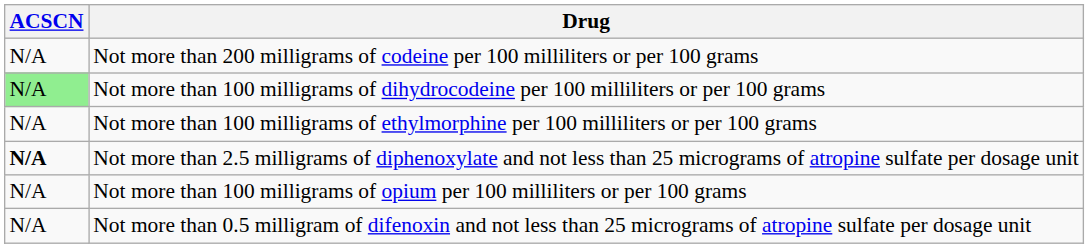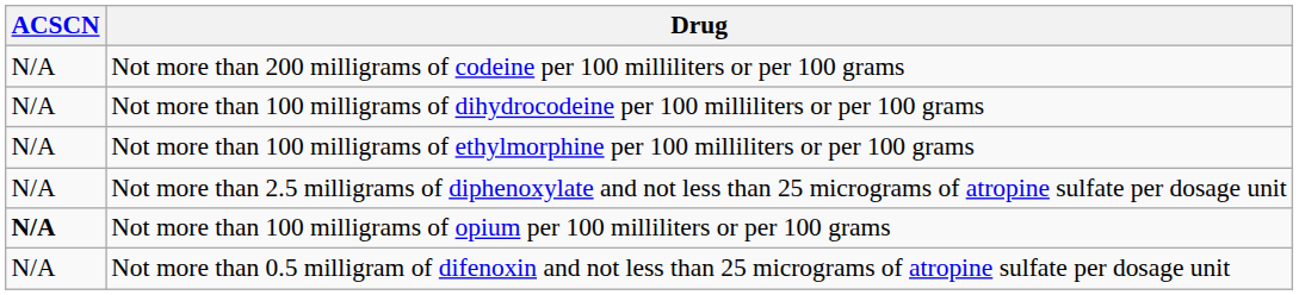 <table class="wikitable sortable">
 <tr>
 <th><a href='#'>ACSCN</a></th>
 <th>Drug</th>
 </tr>
 <tr>
 <td>N/A</td>
 <td>Not more than 200 milligrams of <a href='#'>codeine</a> per 100 milliliters or per 100 grams</td>
 </tr>
 <tr>
-<td style="background: lightgreen;">N/A</td>
+<td>N/A</td>
 <td>Not more than 100 milligrams of <a href='#'>dihydrocodeine</a> per 100 milliliters or per 100 grams</td>
 </tr>
 <tr>
 <td>N/A</td>
 <td>Not more than 100 milligrams of <a href='#'>ethylmorphine</a> per 100 milliliters or per 100 grams</td>
 </tr>
 <tr>
-<td><strong>N/A</strong></td>
+<td>N/A</td>
 <td>Not more than 2.5 milligrams of <a href='#'>diphenoxylate</a> and not less than 25 micrograms of <a href='#'>atropine</a> sulfate per dosage unit</td>
 </tr>
 <tr>
-<td>N/A</td>
+<td><strong>N/A</strong></td>
 <td>Not more than 100 milligrams of <a href='#'>opium</a> per 100 milliliters or per 100 grams</td>
 </tr>
 <tr>
 <td>N/A</td>
 <td>Not more than 0.5 milligram of <a href='#'>difenoxin</a> and not less than 25 micrograms of <a href='#'>atropine</a> sulfate per dosage unit</td>
 </tr>
 </table>
